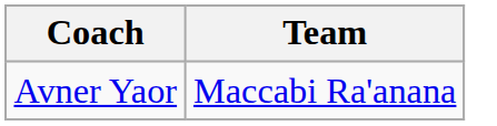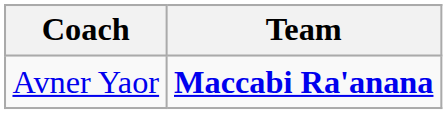 <table class="wikitable">
 <tr>
 <th align="center">Coach</th>
 <th align="center">Team</th>
 </tr>
 <tr>
 <td> <a href='#'>Avner Yaor</a></td>
-<td><a href='#'>Maccabi Ra'anana</a></td>
+<td><strong><a href='#'>Maccabi Ra'anana</a></strong></td>
 </tr>
 </table>
